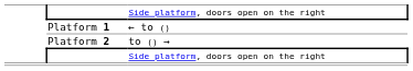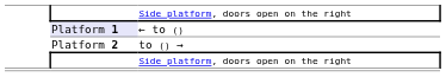 <table style="border-collapse:collapse">
 <tr style="border-top:1px solid grey">
 <td rowspan=4 style="width:50px"><strong></strong></td>
 <td colspan=2 style="border:solid;border-width:0px 2px 2px;text-align:center"><small><a href='#'>Side platform</a>, doors open on the right</small></td>
 </tr>
 <tr>
-<td style="width:100px">Platform <strong>1</strong></td>
+<td style="background: lavender; width:100px">Platform <strong>1</strong></td>
 <td style="width:350px">←  to  <small>()</small></td>
 </tr>
 <tr style="border-top:1px solid grey">
 <td>Platform <strong>2</strong></td>
 <td>  to  <small>()</small> →</td>
 </tr>
 <tr>
 <td colspan=2 style="border:solid;border-width:2px 2px 0;text-align:center"><small><a href='#'>Side platform</a>, doors open on the right</small></td>
 </tr>
 <tr style="border:solid grey;border-width:1px 0">
 <td><strong></strong></td>
 <td></td>
 <td></td>
 </tr>
 </table>
